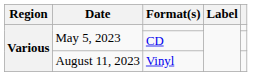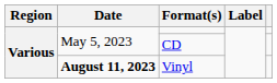 <table class="wikitable plainrowheaders">
 <tr>
 <th scope="col">Region</th>
 <th scope="col">Date</th>
 <th scope="col">Format(s)</th>
 <th scope="col">Label</th>
 <th scope="col"></th>
 </tr>
 <tr>
 <th rowspan="3" scope="row">Various</th>
 <td rowspan="2">May 5, 2023</td>
 <td></td>
 <td rowspan="3"></td>
 <td></td>
 </tr>
 <tr>
 <td><a href='#'>CD</a></td>
 <td></td>
 </tr>
 <tr>
-<td>August 11, 2023</td>
+<td><strong>August 11, 2023</strong></td>
 <td><a href='#'>Vinyl</a></td>
 <td></td>
 </tr>
 </table>
